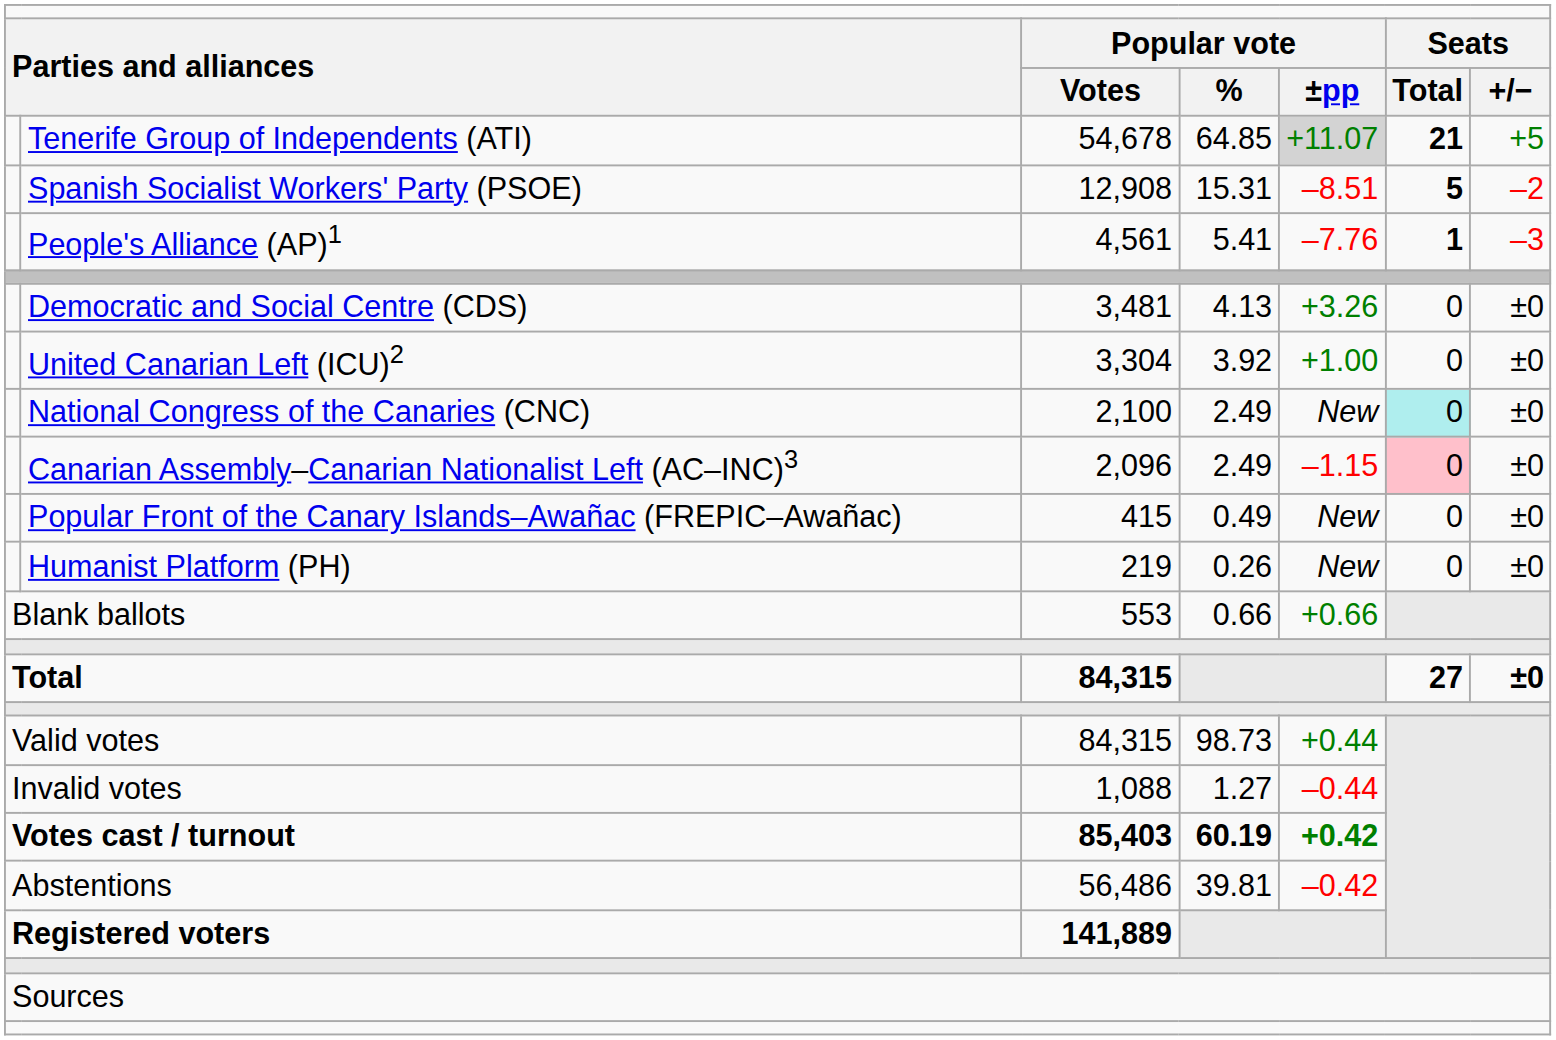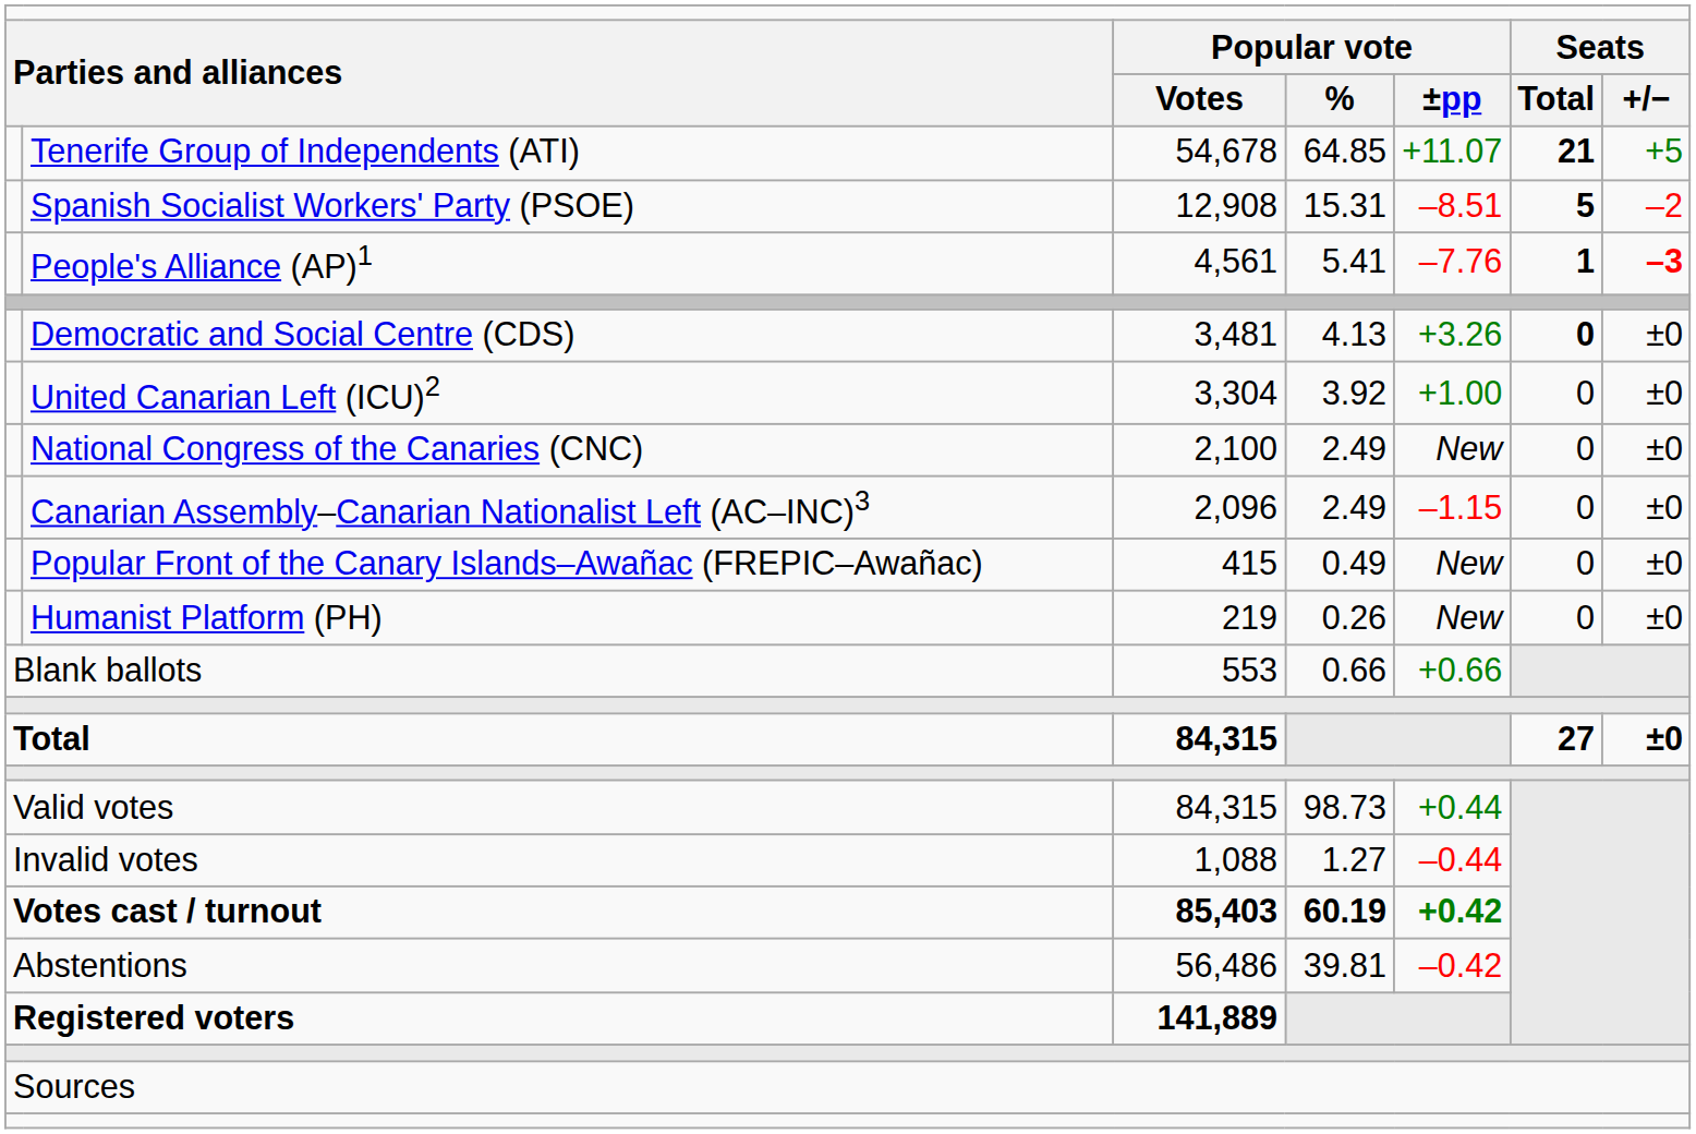 <table class="wikitable" style="text-align:right;">
 <tr>
 <td colspan="7"></td>
 </tr>
 <tr>
 <th style="text-align:left;" rowspan="2" colspan="2" width="525">Parties and alliances</th>
 <th colspan="3">Popular vote</th>
 <th colspan="2">Seats</th>
 </tr>
 <tr>
 <th width="75">Votes</th>
 <th width="45">%</th>
 <th width="45">±<a href='#'>pp</a></th>
 <th width="35">Total</th>
 <th width="35">+/−</th>
 </tr>
 <tr>
 <td width="1" style="color:inherit;background:"></td>
 <td align="left"><a href='#'>Tenerife Group of Independents</a> (ATI)</td>
 <td>54,678</td>
 <td>64.85</td>
-<td style="background: lightgrey; color:green;">+11.07</td>
+<td style="color:green;">+11.07</td>
 <td><strong>21</strong></td>
 <td style="color:green;">+5</td>
 </tr>
 <tr>
 <td style="color:inherit;background:"></td>
 <td align="left"><a href='#'>Spanish Socialist Workers' Party</a> (PSOE)</td>
 <td>12,908</td>
 <td>15.31</td>
 <td style="color:red;">–8.51</td>
 <td><strong>5</strong></td>
 <td style="color:red;">–2</td>
 </tr>
 <tr>
 <td style="color:inherit;background:"></td>
 <td align="left"><a href='#'>People's Alliance</a> (AP)<sup>1</sup></td>
 <td>4,561</td>
 <td>5.41</td>
 <td style="color:red;">–7.76</td>
 <td><strong>1</strong></td>
-<td style="color:red;">–3</td>
+<td style="color:red;"><strong>–3</strong></td>
 </tr>
 <tr>
 <td colspan="7" bgcolor="#C0C0C0"></td>
 </tr>
 <tr>
 <td style="color:inherit;background:"></td>
 <td align="left"><a href='#'>Democratic and Social Centre</a> (CDS)</td>
 <td>3,481</td>
 <td>4.13</td>
 <td style="color:green;">+3.26</td>
-<td>0</td>
+<td><strong>0</strong></td>
 <td>±0</td>
 </tr>
 <tr>
 <td style="color:inherit;background:"></td>
 <td align="left"><a href='#'>United Canarian Left</a> (ICU)<sup>2</sup></td>
 <td>3,304</td>
 <td>3.92</td>
 <td style="color:green;">+1.00</td>
 <td>0</td>
 <td>±0</td>
 </tr>
 <tr>
 <td style="color:inherit;background:"></td>
 <td align="left"><a href='#'>National Congress of the Canaries</a> (CNC)</td>
 <td>2,100</td>
 <td>2.49</td>
 <td><em>New</em></td>
-<td style="background: paleturquoise;">0</td>
+<td>0</td>
 <td>±0</td>
 </tr>
 <tr>
 <td style="color:inherit;background:"></td>
 <td align="left"><a href='#'>Canarian Assembly</a>–<a href='#'>Canarian Nationalist Left</a> (AC–INC)<sup>3</sup></td>
 <td>2,096</td>
 <td>2.49</td>
 <td style="color:red;">–1.15</td>
-<td style="background: pink;">0</td>
+<td>0</td>
 <td>±0</td>
 </tr>
 <tr>
 <td style="color:inherit;background:"></td>
 <td align="left"><a href='#'>Popular Front of the Canary Islands–Awañac</a> (FREPIC–Awañac)</td>
 <td>415</td>
 <td>0.49</td>
 <td><em>New</em></td>
 <td>0</td>
 <td>±0</td>
 </tr>
 <tr>
 <td style="color:inherit;background:"></td>
 <td align="left"><a href='#'>Humanist Platform</a> (PH)</td>
 <td>219</td>
 <td>0.26</td>
 <td><em>New</em></td>
 <td>0</td>
 <td>±0</td>
 </tr>
 <tr>
 <td align="left" colspan="2">Blank ballots</td>
 <td>553</td>
 <td>0.66</td>
 <td style="color:green;">+0.66</td>
 <td bgcolor="#E9E9E9" colspan="2"></td>
 </tr>
 <tr>
 <td colspan="7" bgcolor="#E9E9E9"></td>
 </tr>
 <tr style="font-weight:bold;">
 <td align="left" colspan="2">Total</td>
 <td>84,315</td>
 <td bgcolor="#E9E9E9" colspan="2"></td>
 <td>27</td>
 <td>±0</td>
 </tr>
 <tr>
 <td colspan="7" bgcolor="#E9E9E9"></td>
 </tr>
 <tr>
 <td align="left" colspan="2">Valid votes</td>
 <td>84,315</td>
 <td>98.73</td>
 <td style="color:green;">+0.44</td>
 <td bgcolor="#E9E9E9" colspan="2" rowspan="5"></td>
 </tr>
 <tr>
 <td align="left" colspan="2">Invalid votes</td>
 <td>1,088</td>
 <td>1.27</td>
 <td style="color:red;">–0.44</td>
 </tr>
 <tr style="font-weight:bold;">
 <td align="left" colspan="2">Votes cast / turnout</td>
 <td>85,403</td>
 <td>60.19</td>
 <td style="color:green;">+0.42</td>
 </tr>
 <tr>
 <td align="left" colspan="2">Abstentions</td>
 <td>56,486</td>
 <td>39.81</td>
 <td style="color:red;">–0.42</td>
 </tr>
 <tr style="font-weight:bold;">
 <td align="left" colspan="2">Registered voters</td>
 <td>141,889</td>
 <td bgcolor="#E9E9E9" colspan="2"></td>
 </tr>
 <tr>
 <td colspan="7" bgcolor="#E9E9E9"></td>
 </tr>
 <tr>
 <td align="left" colspan="7">Sources</td>
 </tr>
 <tr>
 <td colspan="7" style="text-align:left; max-width:790px;"></td>
 </tr>
 </table>
